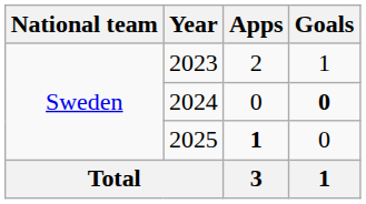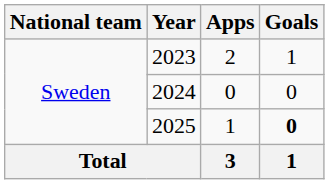 <table class="wikitable" style="text-align:center">
 <tr>
 <th>National team</th>
 <th>Year</th>
 <th>Apps</th>
 <th>Goals</th>
 </tr>
 <tr>
 <td rowspan="3"><a href='#'>Sweden</a></td>
 <td>2023</td>
 <td>2</td>
 <td>1</td>
 </tr>
 <tr>
 <td>2024</td>
 <td>0</td>
-<td><strong>0</strong></td>
+<td>0</td>
 </tr>
 <tr>
 <td>2025</td>
-<td><strong>1</strong></td>
-<td>0</td>
+<td>1</td>
+<td><strong>0</strong></td>
 </tr>
 <tr>
 <th colspan="2">Total</th>
 <th>3</th>
 <th>1</th>
 </tr>
 </table>
